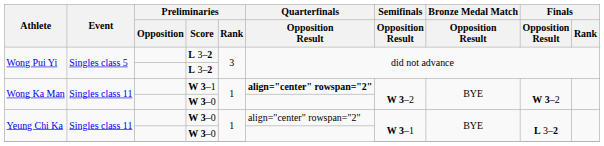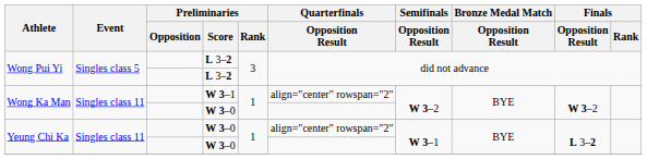 <table class=wikitable>
 <tr>
 <th rowspan="2">Athlete</th>
 <th rowspan="2">Event</th>
 <th colspan="3">Preliminaries</th>
 <th>Quarterfinals</th>
 <th>Semifinals</th>
 <th>Bronze Medal Match</th>
 <th colspan="2">Finals</th>
 </tr>
 <tr>
 <th>Opposition</th>
 <th>Score</th>
 <th>Rank</th>
 <th>Opposition<br>Result</th>
 <th>Opposition<br>Result</th>
 <th>Opposition<br>Result</th>
 <th>Opposition<br>Result</th>
 <th>Rank</th>
 </tr>
 <tr>
 <td rowspan="2"><a href='#'>Wong Pui Yi</a></td>
 <td rowspan="2"><a href='#'>Singles class 5</a></td>
 <td></td>
 <td><strong>L</strong> 3–<strong>2</strong></td>
 <td align="center" rowspan="2">3</td>
 <td align="center" rowspan="2" colspan="5">did not advance</td>
 </tr>
 <tr>
 <td></td>
 <td><strong>L</strong> 3–<strong>2</strong></td>
 </tr>
 <tr>
 <td rowspan="2"><a href='#'>Wong Ka Man</a></td>
 <td rowspan="2"><a href='#'>Singles class 11</a></td>
 <td></td>
 <td><strong>W</strong> <strong>3</strong>–1</td>
 <td align="center" rowspan="2">1</td>
-<td><strong>align="center" rowspan="2" </strong></td>
+<td>align="center" rowspan="2" </td>
 <td align="center" rowspan="2"> <br><strong>W</strong> <strong>3</strong>–2<br></td>
 <td align="center" rowspan="2">BYE</td>
 <td align="center" rowspan="2"><br> <strong>W</strong> <strong>3</strong>–2<br></td>
 <td align="center" rowspan="2"></td>
 </tr>
 <tr>
 <td></td>
 <td><strong>W</strong> <strong>3</strong>–0</td>
 </tr>
 <tr>
 <td rowspan="2"><a href='#'>Yeung Chi Ka</a></td>
 <td rowspan="2"><a href='#'>Singles class 11</a></td>
 <td></td>
 <td><strong>W</strong> <strong>3</strong>–0</td>
 <td align="center" rowspan="2">1</td>
 <td>align="center" rowspan="2" </td>
 <td align="center" rowspan="2"><br><strong>W</strong> <strong>3</strong>–1<br></td>
 <td align="center" rowspan="2">BYE</td>
 <td align="center" rowspan="2"><br><strong>L</strong> 3–<strong>2</strong><br></td>
 <td align="center" rowspan="2"></td>
 </tr>
 <tr>
 <td></td>
 <td><strong>W</strong> <strong>3</strong>–0</td>
 </tr>
 <tr>
 </tr>
 </table>
